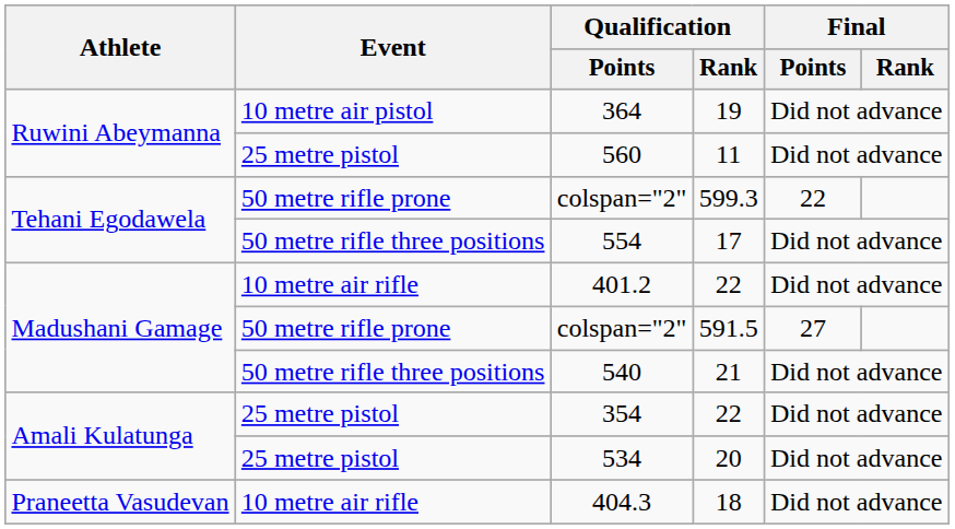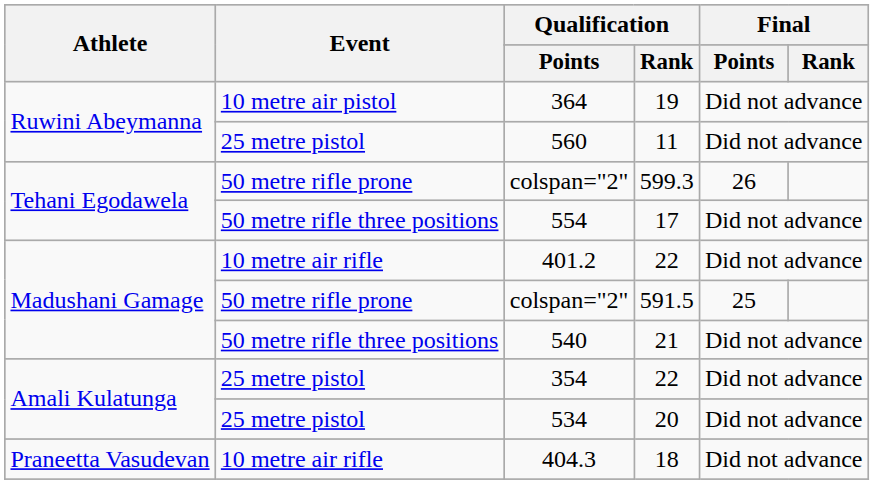 <table class="wikitable" style="font-size:90%">
 <tr>
 <th rowspan=2>Athlete</th>
 <th rowspan=2>Event</th>
 <th colspan=2>Qualification</th>
 <th colspan=2>Final</th>
 </tr>
 <tr style="font-size:95%">
 <th>Points</th>
 <th>Rank</th>
 <th>Points</th>
 <th>Rank</th>
 </tr>
 <tr align=center>
 <td align=left rowspan="2"><a href='#'>Ruwini Abeymanna</a></td>
 <td align=left><a href='#'>10 metre air pistol</a></td>
 <td>364</td>
 <td>19</td>
 <td colspan="2">Did not advance</td>
 </tr>
 <tr align=center>
 <td align=left><a href='#'>25 metre pistol</a></td>
 <td>560</td>
 <td>11</td>
 <td colspan="2">Did not advance</td>
 </tr>
 <tr align=center>
 <td align=left rowspan="2"><a href='#'>Tehani Egodawela</a></td>
 <td align=left><a href='#'>50 metre rifle prone</a></td>
 <td>colspan="2" </td>
 <td>599.3</td>
-<td>22</td>
+<td>26</td>
 </tr>
 <tr align=center>
 <td align=left><a href='#'>50 metre rifle three positions</a></td>
 <td>554</td>
 <td>17</td>
 <td colspan="2">Did not advance</td>
 </tr>
 <tr align=center>
 <td align=left rowspan="3"><a href='#'>Madushani Gamage</a></td>
 <td align=left><a href='#'>10 metre air rifle</a></td>
 <td>401.2</td>
 <td>22</td>
 <td colspan="2">Did not advance</td>
 </tr>
 <tr align=center>
 <td align=left><a href='#'>50 metre rifle prone</a></td>
 <td>colspan="2" </td>
 <td>591.5</td>
-<td>27</td>
+<td>25</td>
 </tr>
 <tr align=center>
 <td align=left><a href='#'>50 metre rifle three positions</a></td>
 <td>540</td>
 <td>21</td>
 <td colspan="2">Did not advance</td>
 </tr>
 <tr align=center>
 <td align=left rowspan="2"><a href='#'>Amali Kulatunga</a></td>
 <td align=left><a href='#'>25 metre pistol</a></td>
 <td>354</td>
 <td>22</td>
 <td colspan="2">Did not advance</td>
 </tr>
 <tr align=center>
 <td align=left><a href='#'>25 metre pistol</a></td>
 <td>534</td>
 <td>20</td>
 <td colspan="2">Did not advance</td>
 </tr>
 <tr align=center>
 <td align=left><a href='#'>Praneetta Vasudevan</a></td>
 <td align=left><a href='#'>10 metre air rifle</a></td>
 <td>404.3</td>
 <td>18</td>
 <td colspan="2">Did not advance</td>
 </tr>
 </table>
